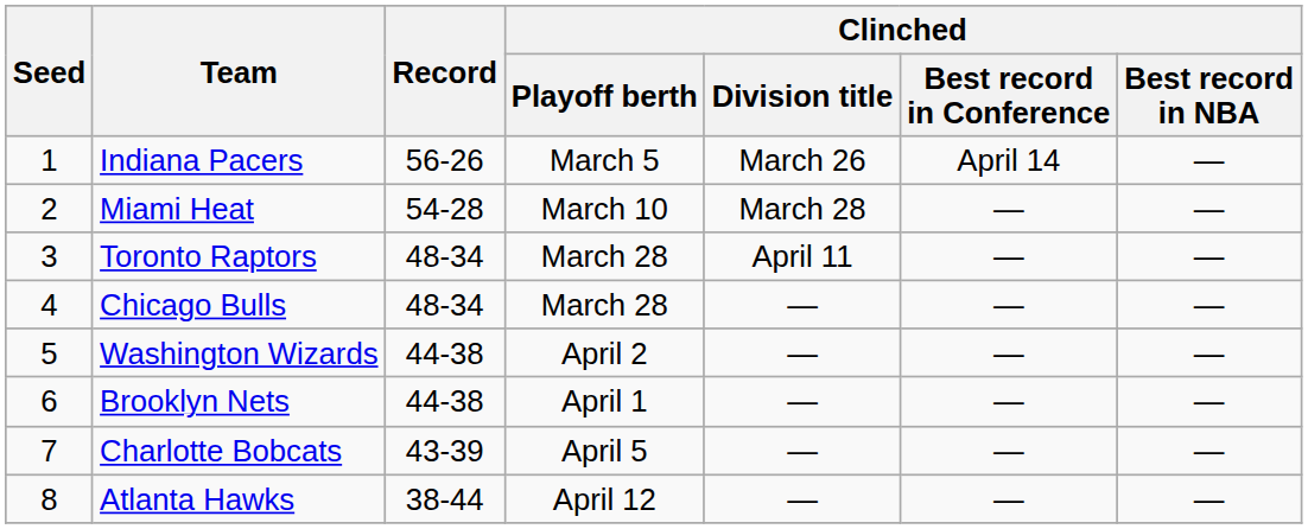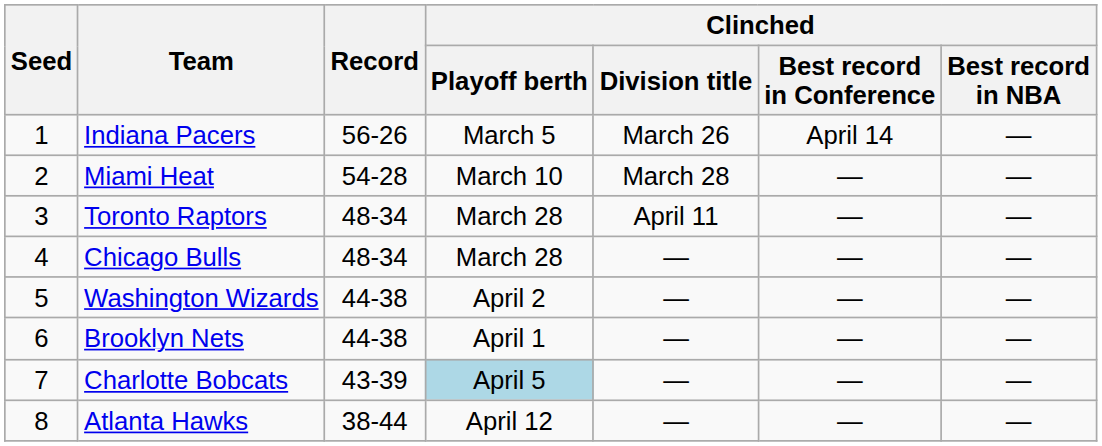 <table class="wikitable"  style="font-size:95%; text-align:center">
 <tr>
 <th rowspan=2>Seed</th>
 <th rowspan=2>Team</th>
 <th rowspan=2>Record</th>
 <th colspan=4>Clinched</th>
 </tr>
 <tr>
 <th>Playoff berth</th>
 <th>Division title</th>
 <th>Best record<br> in Conference</th>
 <th>Best record<br> in NBA</th>
 </tr>
 <tr>
 <td>1</td>
 <td align=left><a href='#'>Indiana Pacers</a></td>
 <td>56-26</td>
 <td>March 5</td>
 <td>March 26</td>
 <td>April 14</td>
 <td>—</td>
 </tr>
 <tr>
 <td>2</td>
 <td align=left><a href='#'>Miami Heat</a></td>
 <td>54-28</td>
 <td>March 10</td>
 <td>March 28</td>
 <td>—</td>
 <td>—</td>
 </tr>
 <tr>
 <td>3</td>
 <td align=left><a href='#'>Toronto Raptors</a></td>
 <td>48-34 </td>
 <td>March 28</td>
 <td>April 11</td>
 <td>—</td>
 <td>—</td>
 </tr>
 <tr>
 <td>4</td>
 <td align=left><a href='#'>Chicago Bulls</a></td>
 <td>48-34 </td>
 <td>March 28</td>
 <td>—</td>
 <td>—</td>
 <td>—</td>
 </tr>
 <tr>
 <td>5</td>
 <td align=left><a href='#'>Washington Wizards</a></td>
 <td>44-38 </td>
 <td>April 2</td>
 <td>—</td>
 <td>—</td>
 <td>—</td>
 </tr>
 <tr>
 <td>6</td>
 <td align=left><a href='#'>Brooklyn Nets</a></td>
 <td>44-38</td>
 <td>April 1</td>
 <td>—</td>
 <td>—</td>
 <td>—</td>
 </tr>
 <tr 8>
 <td>7</td>
 <td align=left><a href='#'>Charlotte Bobcats</a></td>
 <td>43-39</td>
-<td>April 5</td>
+<td style="background: lightblue;">April 5</td>
 <td>—</td>
 <td>—</td>
 <td>—</td>
 </tr>
 <tr>
 <td>8</td>
 <td align=left><a href='#'>Atlanta Hawks</a></td>
 <td>38-44</td>
 <td>April 12</td>
 <td>—</td>
 <td>—</td>
 <td>—</td>
 </tr>
 </table>
